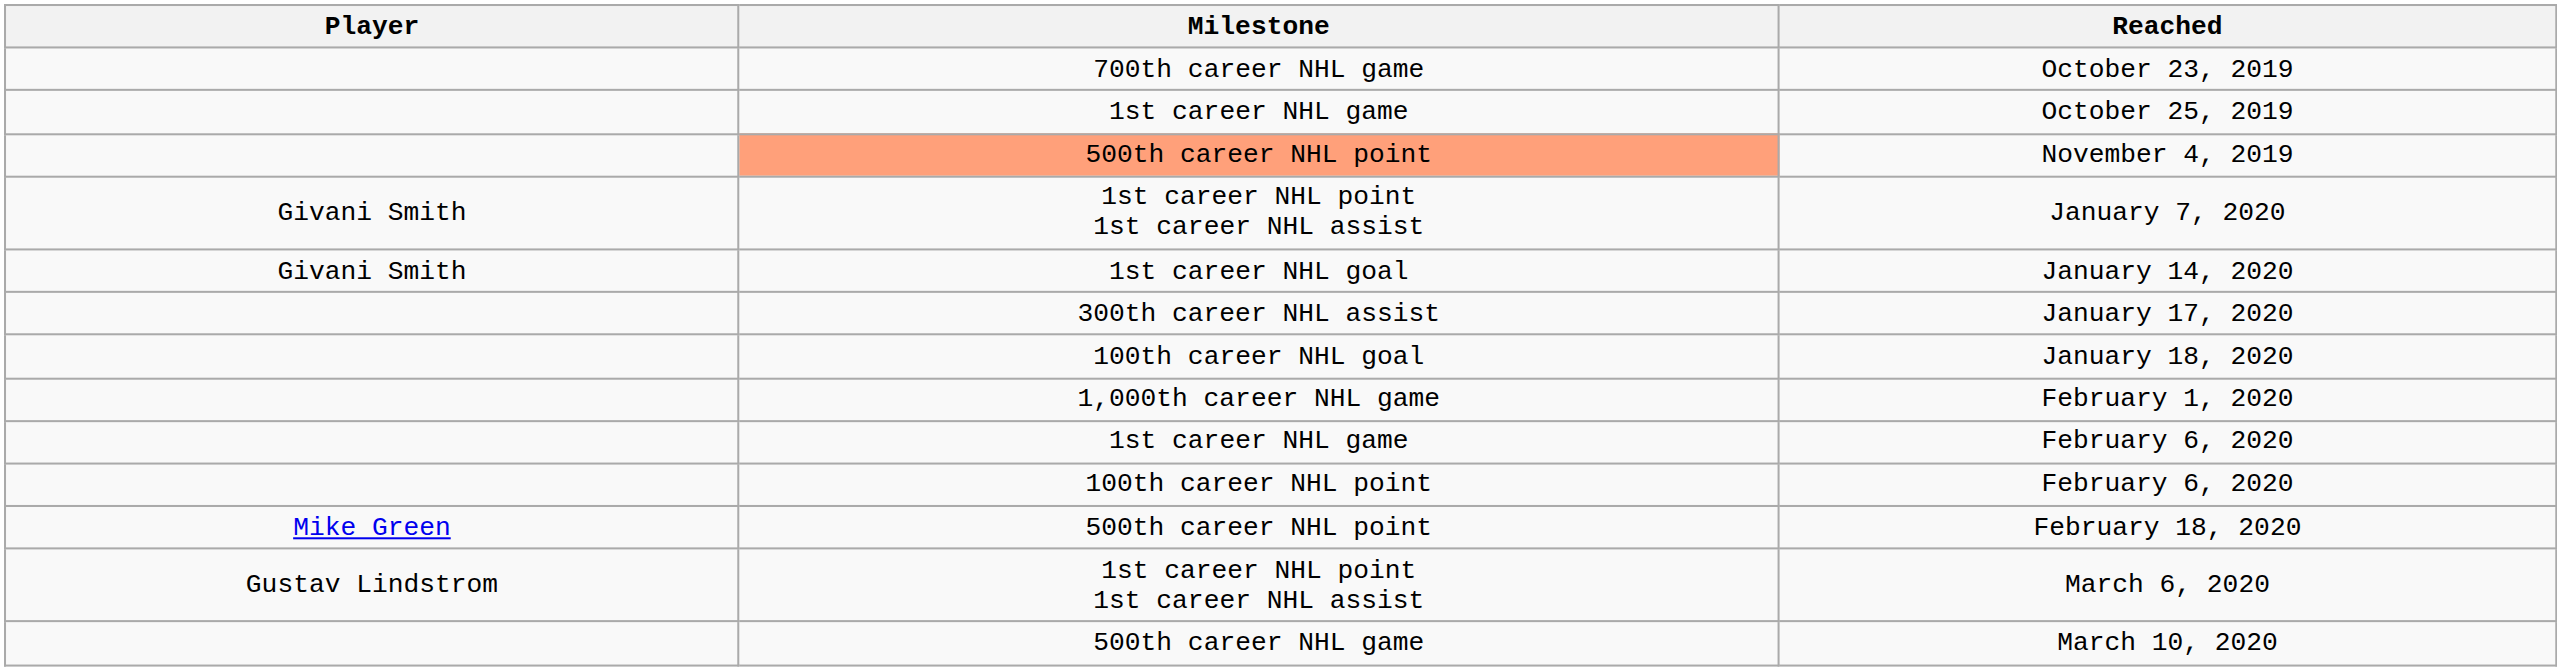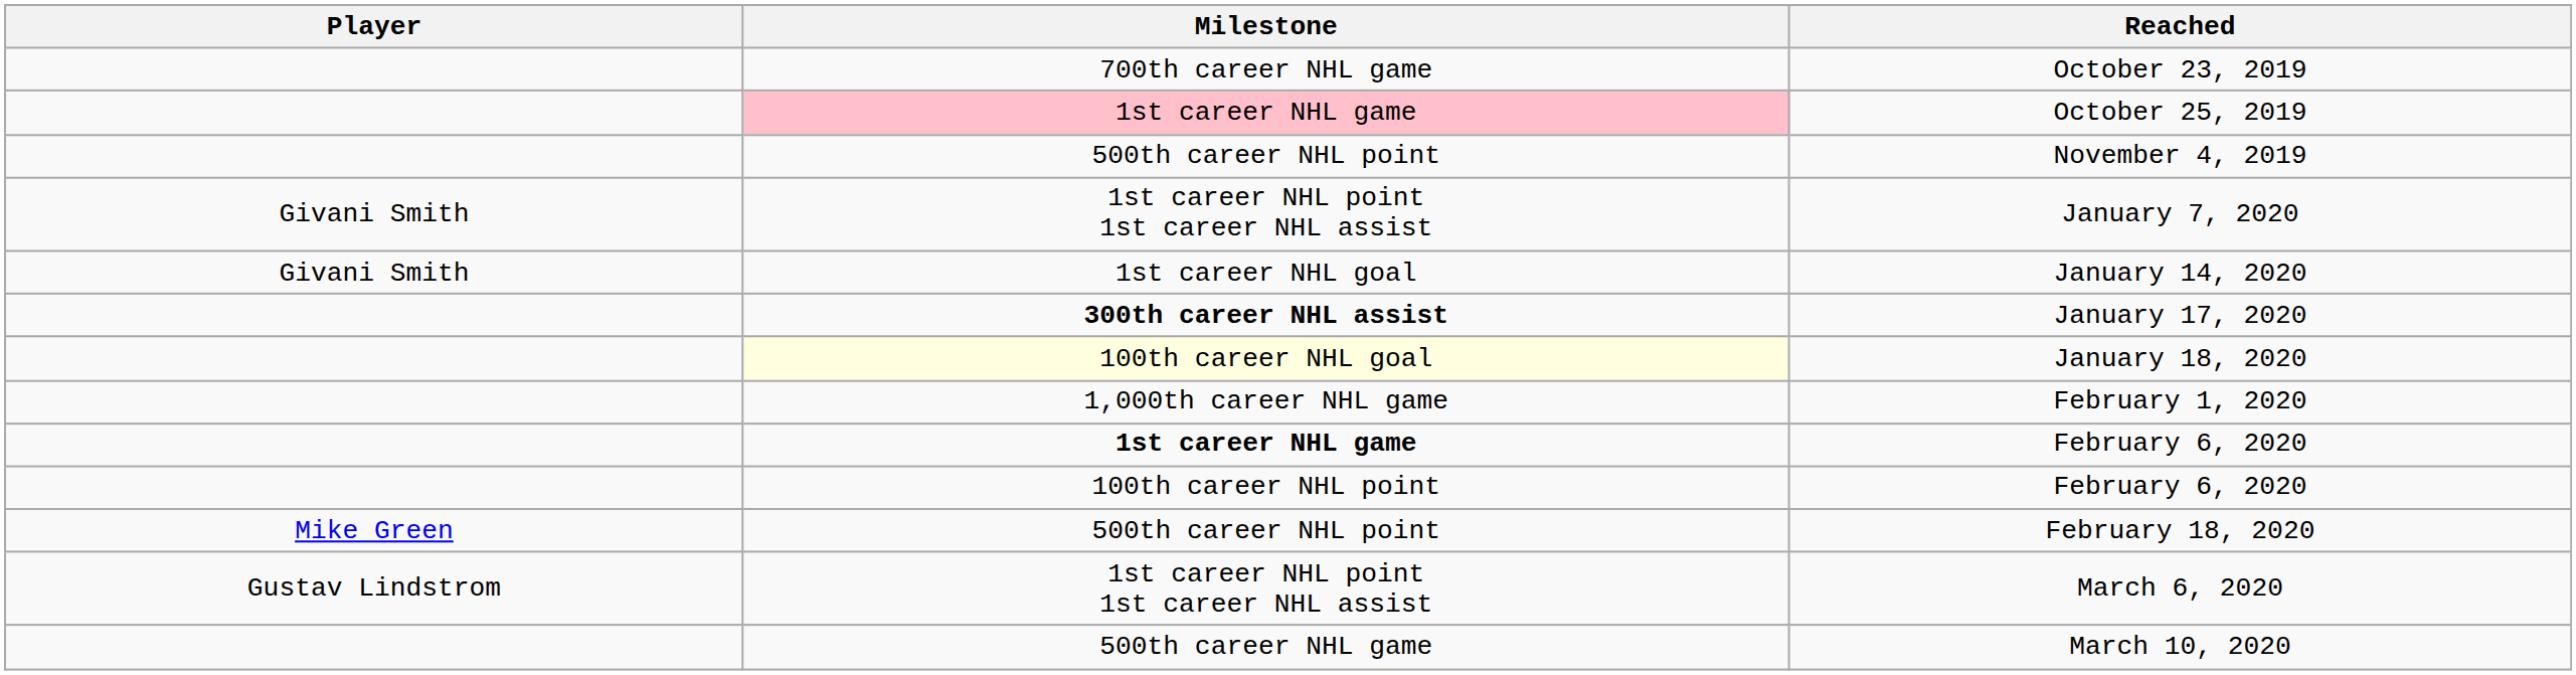 <table class="wikitable sortable" style="width:100%; text-align:center;">
 <tr>
 <th>Player</th>
 <th>Milestone</th>
 <th data-sort-type="date">Reached</th>
 </tr>
 <tr>
 <td></td>
 <td>700th career NHL game</td>
 <td>October 23, 2019</td>
 </tr>
 <tr>
 <td></td>
-<td>1st career NHL game</td>
+<td style="background: pink;">1st career NHL game</td>
 <td>October 25, 2019</td>
 </tr>
 <tr>
 <td></td>
-<td style="background: lightsalmon;">500th career NHL point</td>
+<td>500th career NHL point</td>
 <td>November 4, 2019</td>
 </tr>
 <tr>
 <td>Givani Smith</td>
 <td>1st career NHL point<br>1st career NHL assist</td>
 <td>January 7, 2020</td>
 </tr>
 <tr>
 <td>Givani Smith</td>
 <td>1st career NHL goal</td>
 <td>January 14, 2020</td>
 </tr>
 <tr>
 <td></td>
-<td>300th career NHL assist</td>
+<td><strong>300th career NHL assist</strong></td>
 <td>January 17, 2020</td>
 </tr>
 <tr>
 <td></td>
-<td>100th career NHL goal</td>
+<td style="background: lightyellow;">100th career NHL goal</td>
 <td>January 18, 2020</td>
 </tr>
 <tr>
 <td></td>
 <td>1,000th career NHL game</td>
 <td>February 1, 2020</td>
 </tr>
 <tr>
 <td></td>
-<td>1st career NHL game</td>
+<td><strong>1st career NHL game</strong></td>
 <td>February 6, 2020</td>
 </tr>
 <tr>
 <td></td>
 <td>100th career NHL point</td>
 <td>February 6, 2020</td>
 </tr>
 <tr>
 <td><a href='#'>Mike Green</a></td>
 <td>500th career NHL point</td>
 <td>February 18, 2020</td>
 </tr>
 <tr>
 <td>Gustav Lindstrom</td>
 <td>1st career NHL point<br>1st career NHL assist</td>
 <td>March 6, 2020</td>
 </tr>
 <tr>
 <td></td>
 <td>500th career NHL game</td>
 <td>March 10, 2020</td>
 </tr>
 </table>
